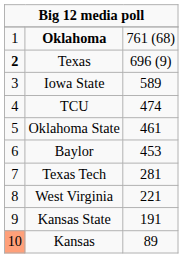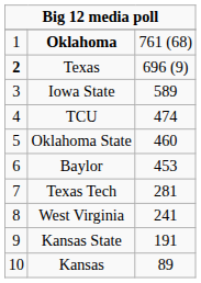 <table class="wikitable" style="display: inline-table;">
 <tr>
 <td align="center" Colspan="3"><strong>Big 12 media poll</strong></td>
 </tr>
 <tr align="center">
 </tr>
 <tr align="center">
 <td>1</td>
 <td><strong>Oklahoma</strong></td>
 <td>761 (68)</td>
 </tr>
 <tr align="center">
 <td><strong>2</strong></td>
 <td>Texas</td>
 <td>696 (9)</td>
 </tr>
 <tr align="center">
 <td>3</td>
 <td>Iowa State</td>
 <td>589</td>
 </tr>
 <tr align="center">
 <td>4</td>
 <td>TCU</td>
 <td>474</td>
 </tr>
 <tr align="center">
 <td>5</td>
 <td>Oklahoma State</td>
-<td>461</td>
+<td>460</td>
 </tr>
 <tr align="center">
 <td>6</td>
 <td>Baylor</td>
 <td>453</td>
 </tr>
 <tr align="center">
 <td>7</td>
 <td>Texas Tech</td>
 <td>281</td>
 </tr>
 <tr align="center">
 <td>8</td>
 <td>West Virginia</td>
-<td>221</td>
+<td>241</td>
 </tr>
 <tr align="center">
 <td>9</td>
 <td>Kansas State</td>
 <td>191</td>
 </tr>
 <tr align="center">
-<td style="background: lightsalmon;">10</td>
+<td>10</td>
 <td>Kansas</td>
 <td>89</td>
 </tr>
 </table>
